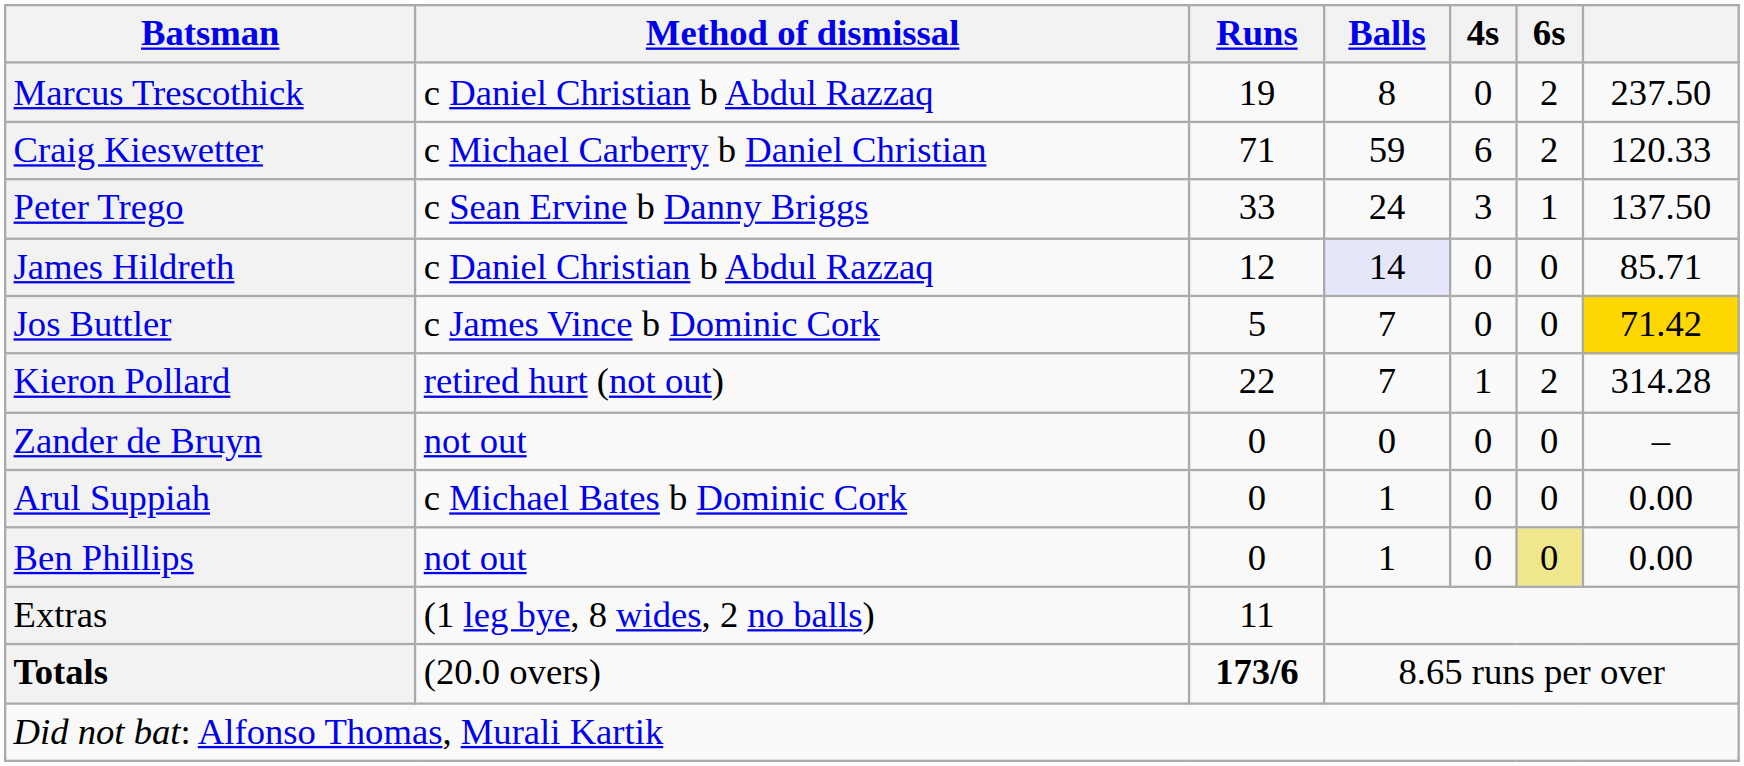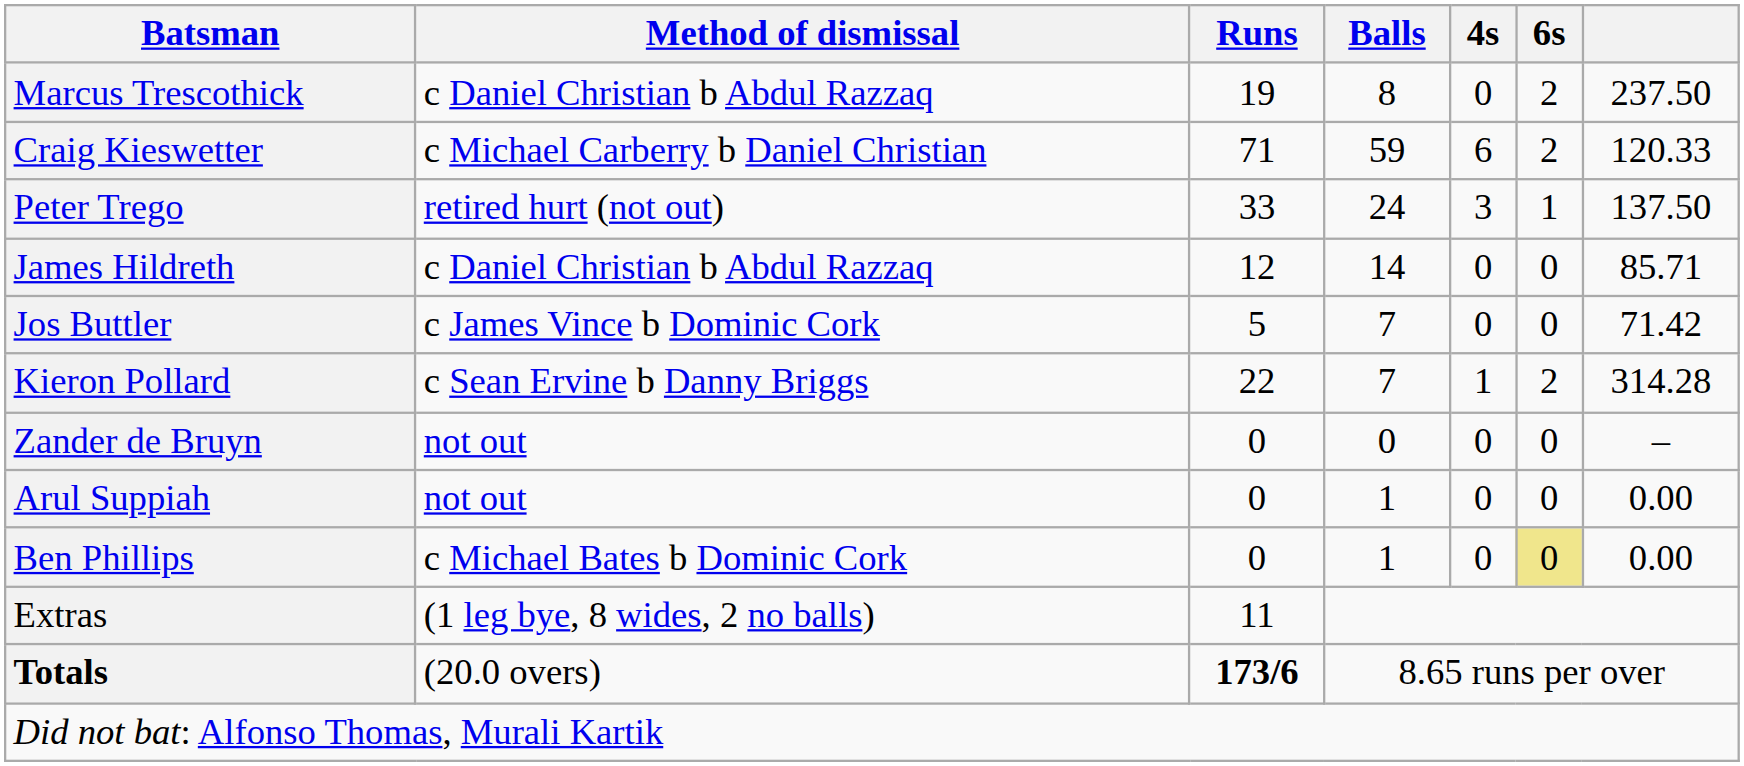 <table border="1" cellpadding="1" cellspacing="0" style="border: gray solid 1px; border-collapse: collapse; text-align: center; width: 60%;" class="wikitable">
 <tr>
 <th scope="col"><a href='#'>Batsman</a></th>
 <th scope="col"><a href='#'>Method of dismissal</a></th>
 <th scope="col"><a href='#'>Runs</a></th>
 <th scope="col"><a href='#'>Balls</a></th>
 <th scope="col">4s</th>
 <th scope="col">6s</th>
 <th scope="col"></th>
 </tr>
 <tr>
 <th scope="row" style="font-weight: normal; text-align: left;"><a href='#'>Marcus Trescothick</a> </th>
 <td style=" text-align: left;">c <a href='#'>Daniel Christian</a> b <a href='#'>Abdul Razzaq</a></td>
 <td>19</td>
 <td>8</td>
 <td>0</td>
 <td>2</td>
 <td>237.50</td>
 </tr>
 <tr>
 <th scope="row" style="font-weight: normal; text-align: left;"><a href='#'>Craig Kieswetter</a> </th>
 <td style=" text-align: left;">c <a href='#'>Michael Carberry</a> b <a href='#'>Daniel Christian</a></td>
 <td>71</td>
 <td>59</td>
 <td>6</td>
 <td>2</td>
 <td>120.33</td>
 </tr>
 <tr>
 <th scope="row" style="font-weight: normal; text-align: left;"><a href='#'>Peter Trego</a></th>
-<td style=" text-align: left;">c <a href='#'>Sean Ervine</a> b <a href='#'>Danny Briggs</a></td>
+<td style=" text-align: left;"><a href='#'>retired hurt</a> (<a href='#'>not out</a>)</td>
 <td>33</td>
 <td>24</td>
 <td>3</td>
 <td>1</td>
 <td>137.50</td>
 </tr>
 <tr>
 <th scope="row" style="font-weight: normal; text-align: left;"><a href='#'>James Hildreth</a></th>
 <td style=" text-align: left;">c <a href='#'>Daniel Christian</a> b <a href='#'>Abdul Razzaq</a></td>
 <td>12</td>
-<td style="background: lavender;">14</td>
+<td>14</td>
 <td>0</td>
 <td>0</td>
 <td>85.71</td>
 </tr>
 <tr>
 <th scope="row" style="font-weight: normal; text-align: left;"><a href='#'>Jos Buttler</a></th>
 <td style=" text-align: left;">c <a href='#'>James Vince</a> b <a href='#'>Dominic Cork</a></td>
 <td>5</td>
 <td>7</td>
 <td>0</td>
 <td>0</td>
-<td style="background: gold;">71.42</td>
+<td>71.42</td>
 </tr>
 <tr>
 <th scope="row" style="font-weight: normal; text-align: left;"><a href='#'>Kieron Pollard</a></th>
-<td style=" text-align: left;"><a href='#'>retired hurt</a> (<a href='#'>not out</a>)</td>
+<td style=" text-align: left;">c <a href='#'>Sean Ervine</a> b <a href='#'>Danny Briggs</a></td>
 <td>22</td>
 <td>7</td>
 <td>1</td>
 <td>2</td>
 <td>314.28</td>
 </tr>
 <tr>
 <th scope="row" style="font-weight: normal; text-align: left;"><a href='#'>Zander de Bruyn</a></th>
 <td style=" text-align: left;"><a href='#'>not out</a></td>
 <td>0</td>
 <td>0</td>
 <td>0</td>
 <td>0</td>
 <td>–</td>
 </tr>
 <tr>
 <th scope="row" style="font-weight: normal; text-align: left;"><a href='#'>Arul Suppiah</a></th>
-<td style=" text-align: left;">c <a href='#'>Michael Bates</a>  b <a href='#'>Dominic Cork</a></td>
+<td style=" text-align: left;"><a href='#'>not out</a></td>
 <td>0</td>
 <td>1</td>
 <td>0</td>
 <td>0</td>
 <td>0.00</td>
 </tr>
 <tr>
 <th scope="row" style="font-weight: normal; text-align: left;"><a href='#'>Ben Phillips</a></th>
-<td style=" text-align: left;"><a href='#'>not out</a></td>
+<td style=" text-align: left;">c <a href='#'>Michael Bates</a>  b <a href='#'>Dominic Cork</a></td>
 <td>0</td>
 <td>1</td>
 <td>0</td>
 <td style="background: khaki;">0</td>
 <td>0.00</td>
 </tr>
 <tr>
 <th scope="row" style="font-weight: normal; text-align: left;">Extras</th>
 <td style=" text-align: left;">(1 <a href='#'>leg bye</a>, 8 <a href='#'>wides</a>, 2 <a href='#'>no balls</a>)</td>
 <td>11</td>
 <td colspan="4"></td>
 </tr>
 <tr>
 <th scope="row" style="font-weight: normal; text-align: left;"><strong>Totals</strong></th>
 <td style=" text-align: left;">(20.0 overs)</td>
 <td><strong>173/6</strong></td>
 <td colspan="4">8.65 runs per over</td>
 </tr>
 <tr align="left">
 <td colspan="7"><em>Did not bat</em>: <a href='#'>Alfonso Thomas</a>, <a href='#'>Murali Kartik</a></td>
 </tr>
 </table>
